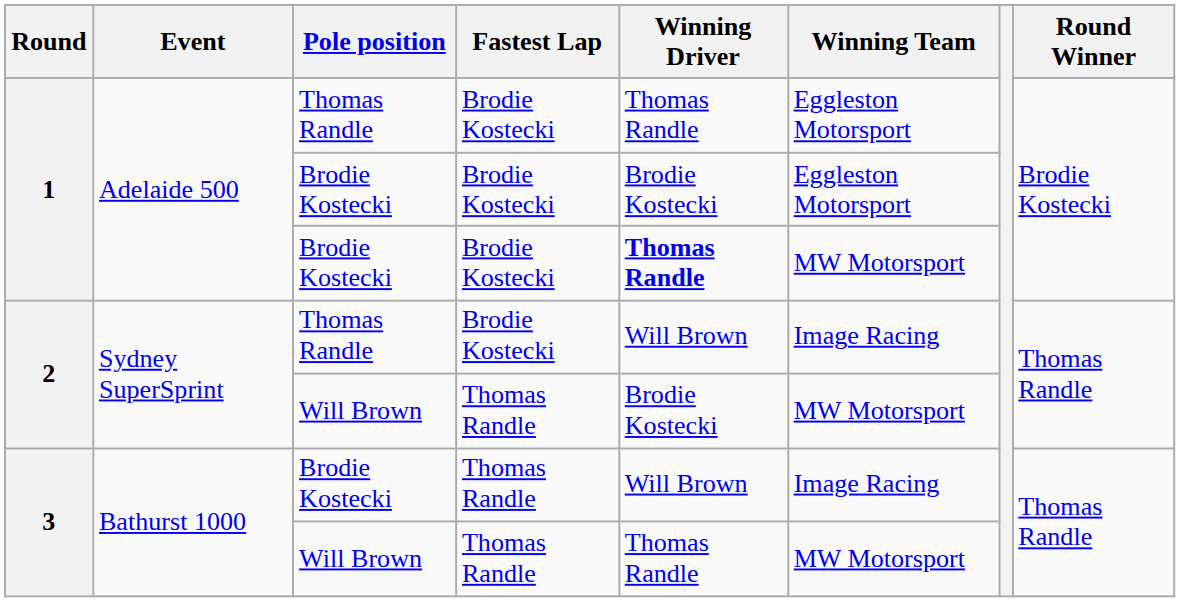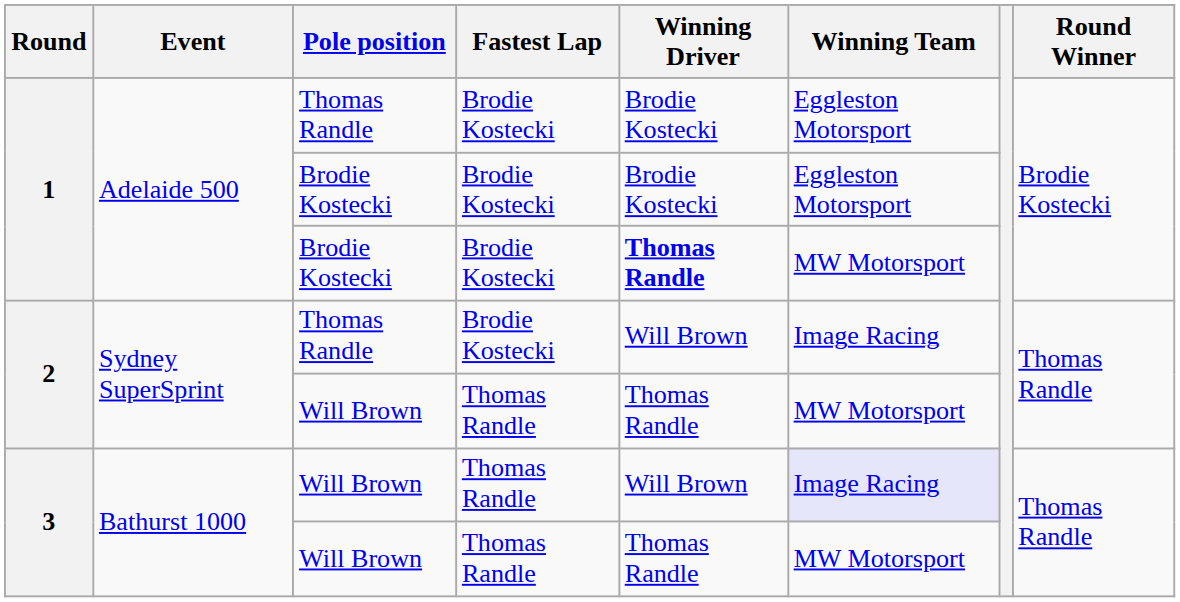 <table class="wikitable" style="font-size: 85%">
 <tr>
 <th>Round</th>
 <th>Event</th>
 <th><a href='#'>Pole position</a></th>
 <th>Fastest Lap</th>
 <th>Winning Driver</th>
 <th>Winning Team</th>
 <th rowspan=13></th>
 <th>Round Winner</th>
 </tr>
 <tr>
 <th rowspan=3 align="center">1</th>
 <td rowspan=3> <a href='#'>Adelaide 500</a></td>
 <td> <a href='#'>Thomas Randle</a></td>
 <td> <a href='#'>Brodie Kostecki</a></td>
-<td> <a href='#'>Thomas Randle</a></td>
+<td> <a href='#'>Brodie Kostecki</a></td>
 <td><a href='#'>Eggleston Motorsport</a></td>
 <td rowspan=3> <a href='#'>Brodie Kostecki</a></td>
 </tr>
 <tr>
 <td> <a href='#'>Brodie Kostecki</a></td>
 <td> <a href='#'>Brodie Kostecki</a></td>
 <td> <a href='#'>Brodie Kostecki</a></td>
 <td><a href='#'>Eggleston Motorsport</a></td>
 </tr>
 <tr>
 <td> <a href='#'>Brodie Kostecki</a></td>
 <td> <a href='#'>Brodie Kostecki</a></td>
 <td><strong> <a href='#'>Thomas Randle</a></strong></td>
 <td><a href='#'>MW Motorsport</a></td>
 </tr>
 <tr>
 <th rowspan=2 align="center">2</th>
 <td rowspan=2> <a href='#'>Sydney SuperSprint</a></td>
 <td> <a href='#'>Thomas Randle</a></td>
 <td> <a href='#'>Brodie Kostecki</a></td>
 <td> <a href='#'>Will Brown</a></td>
 <td><a href='#'>Image Racing</a></td>
 <td rowspan=2> <a href='#'>Thomas Randle</a></td>
 </tr>
 <tr>
 <td> <a href='#'>Will Brown</a></td>
 <td> <a href='#'>Thomas Randle</a></td>
-<td> <a href='#'>Brodie Kostecki</a></td>
+<td> <a href='#'>Thomas Randle</a></td>
 <td><a href='#'>MW Motorsport</a></td>
 </tr>
 <tr>
 <th rowspan=2 align="center">3</th>
 <td rowspan=2> <a href='#'>Bathurst 1000</a></td>
-<td> <a href='#'>Brodie Kostecki</a></td>
+<td> <a href='#'>Will Brown</a></td>
 <td> <a href='#'>Thomas Randle</a></td>
 <td> <a href='#'>Will Brown</a></td>
-<td><a href='#'>Image Racing</a></td>
+<td style="background: lavender;"><a href='#'>Image Racing</a></td>
 <td rowspan=2> <a href='#'>Thomas Randle</a></td>
 </tr>
 <tr>
 <td> <a href='#'>Will Brown</a></td>
 <td> <a href='#'>Thomas Randle</a></td>
 <td> <a href='#'>Thomas Randle</a></td>
 <td><a href='#'>MW Motorsport</a></td>
 </tr>
 </table>
